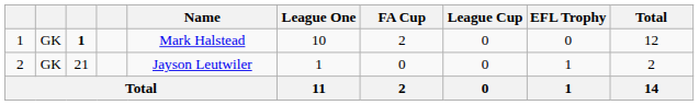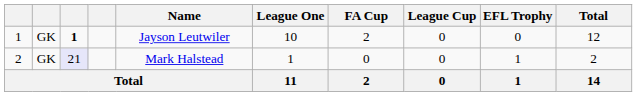 <table class="wikitable sortable" style="font-size: 95%; text-align: center;">
 <tr>
 <th width=25></th>
 <th width=25></th>
 <th width=25></th>
 <th width=25></th>
 <th width=150>Name</th>
 <th width=80>League One</th>
 <th width=80>FA Cup</th>
 <th width=80>League Cup</th>
 <th width=80>EFL Trophy</th>
 <th width=80>Total</th>
 </tr>
 <tr>
 <td>1</td>
 <td>GK</td>
 <td><strong>1</strong></td>
 <td></td>
-<td data-sort-value="Mark Halstead"><a href='#'>Mark Halstead</a></td>
+<td data-sort-value="Jayson Leutwiler"><a href='#'>Jayson Leutwiler</a></td>
 <td>10</td>
 <td>2</td>
 <td>0</td>
 <td>0</td>
 <td>12</td>
 </tr>
 <tr>
 <td>2</td>
 <td>GK</td>
-<td>21</td>
+<td style="background: lavender;">21</td>
 <td></td>
-<td data-sort-value="Jayson Leutwiler"><a href='#'>Jayson Leutwiler</a></td>
+<td data-sort-value="Mark Halstead"><a href='#'>Mark Halstead</a></td>
 <td>1</td>
 <td>0</td>
 <td>0</td>
 <td>1</td>
 <td>2</td>
 </tr>
 <tr class="sortbottom">
 <th colspan=5>Total</th>
 <th>11</th>
 <th>2</th>
 <th>0</th>
 <th>1</th>
 <th>14</th>
 </tr>
 </table>
